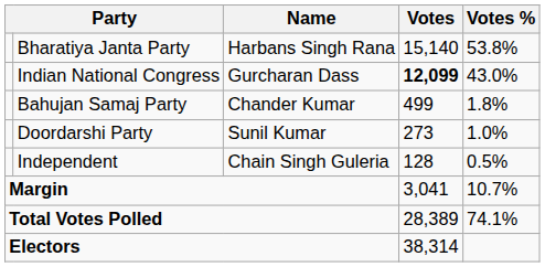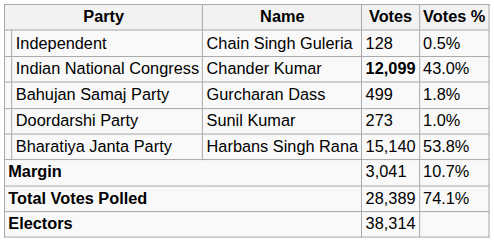 <table class="wikitable sortable">
 <tr>
 <th colspan="2" rowspan="1">Party</th>
 <th colspan="1" rowspan="1">Name</th>
 <th colspan="1" rowspan="1">Votes</th>
 <th colspan="1" rowspan="1">Votes %</th>
 </tr>
 <tr>
 <td></td>
-<td>Bharatiya Janta Party</td>
-<td>Harbans Singh Rana</td>
-<td>15,140</td>
-<td>53.8%</td>
+<td>Independent</td>
+<td>Chain Singh Guleria</td>
+<td>128</td>
+<td>0.5%</td>
 </tr>
 <tr>
 <td></td>
 <td>Indian National Congress</td>
-<td>Gurcharan Dass</td>
+<td>Chander Kumar</td>
 <td><strong>12,099</strong></td>
 <td>43.0%</td>
 </tr>
 <tr>
 <td></td>
 <td>Bahujan Samaj Party</td>
-<td>Chander Kumar</td>
+<td>Gurcharan Dass</td>
 <td>499</td>
 <td>1.8%</td>
 </tr>
 <tr>
 <td></td>
 <td>Doordarshi Party</td>
 <td>Sunil Kumar</td>
 <td>273</td>
 <td>1.0%</td>
 </tr>
 <tr>
 <td></td>
-<td>Independent</td>
-<td>Chain Singh Guleria</td>
-<td>128</td>
-<td>0.5%</td>
+<td>Bharatiya Janta Party</td>
+<td>Harbans Singh Rana</td>
+<td>15,140</td>
+<td>53.8%</td>
 </tr>
 <tr>
 <td colspan="3"><strong>Margin</strong></td>
 <td>3,041</td>
 <td>10.7%</td>
 </tr>
 <tr>
 <td colspan="3"><strong>Total Votes Polled</strong></td>
 <td>28,389</td>
 <td>74.1%</td>
 </tr>
 <tr>
 <td colspan="3"><strong>Electors</strong></td>
 <td>38,314</td>
 <td></td>
 </tr>
 </table>
